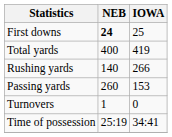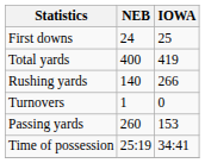 <table class="wikitable">
 <tr>
 <th>Statistics</th>
 <th>NEB</th>
 <th>IOWA</th>
 </tr>
 <tr>
 <td>First downs</td>
-<td><strong>24</strong></td>
+<td>24</td>
 <td>25</td>
 </tr>
 <tr>
 <td>Total yards</td>
 <td>400</td>
 <td>419</td>
 </tr>
 <tr>
 <td>Rushing yards</td>
 <td>140</td>
 <td>266</td>
 </tr>
 <tr>
+<td>Turnovers</td>
+<td>1</td>
+<td>0</td>
+</tr>
+<tr>
 <td>Passing yards</td>
 <td>260</td>
 <td>153</td>
-</tr>
-<tr>
-<td>Turnovers</td>
-<td>1</td>
-<td>0</td>
 </tr>
 <tr>
 <td>Time of possession</td>
 <td>25:19</td>
 <td>34:41</td>
 </tr>
 <tr>
 </tr>
 </table>
